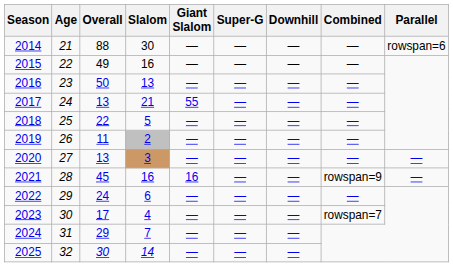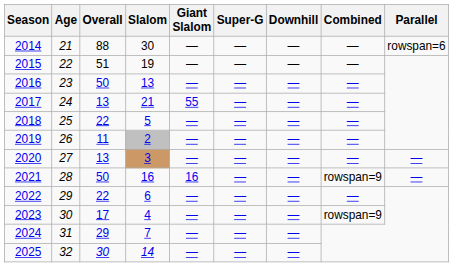 <table class=wikitable style="text-align:center">
 <tr>
 <th>Season</th>
 <th>Age</th>
 <th>Overall</th>
 <th>Slalom</th>
 <th>Giant<br>Slalom</th>
 <th>Super-G</th>
 <th>Downhill</th>
 <th>Combined</th>
 <th>Parallel</th>
 </tr>
 <tr>
 <td><a href='#'>2014</a></td>
 <td><em>21</em></td>
 <td>88</td>
 <td>30</td>
 <td>—</td>
 <td>—</td>
 <td>—</td>
 <td>—</td>
 <td>rowspan=6 </td>
 </tr>
 <tr>
 <td><a href='#'>2015</a></td>
 <td><em>22</em></td>
-<td>49</td>
-<td>16</td>
+<td>51</td>
+<td>19</td>
 <td>—</td>
 <td>—</td>
 <td>—</td>
 <td>—</td>
 </tr>
 <tr>
 <td><a href='#'>2016</a></td>
 <td><em>23</em></td>
 <td><a href='#'>50</a></td>
 <td><a href='#'>13</a></td>
 <td><a href='#'>—</a></td>
 <td><a href='#'>—</a></td>
 <td><a href='#'>—</a></td>
 <td><a href='#'>—</a></td>
 </tr>
 <tr>
 <td><a href='#'>2017</a></td>
 <td><em>24</em></td>
 <td><a href='#'>13</a></td>
 <td><a href='#'>21</a></td>
 <td><a href='#'>55</a></td>
 <td><a href='#'>—</a></td>
 <td><a href='#'>—</a></td>
 <td><a href='#'>—</a></td>
 </tr>
 <tr>
 <td><a href='#'>2018</a></td>
 <td><em>25</em></td>
 <td><a href='#'>22</a></td>
 <td><a href='#'>5</a></td>
 <td><a href='#'>—</a></td>
 <td><a href='#'>—</a></td>
 <td><a href='#'>—</a></td>
 <td><a href='#'>—</a></td>
 </tr>
 <tr>
 <td><a href='#'>2019</a></td>
 <td><em>26</em></td>
 <td><a href='#'>11</a></td>
 <td style="background:silver;"><a href='#'>2</a></td>
 <td><a href='#'>—</a></td>
 <td><a href='#'>—</a></td>
 <td><a href='#'>—</a></td>
 <td><a href='#'>—</a></td>
 </tr>
 <tr>
 <td><a href='#'>2020</a></td>
 <td><em>27</em></td>
 <td><a href='#'>13</a></td>
 <td style="background:#c96;"><a href='#'>3</a></td>
 <td><a href='#'>—</a></td>
 <td><a href='#'>—</a></td>
 <td><a href='#'>—</a></td>
 <td><a href='#'>—</a></td>
 <td><a href='#'>—</a></td>
 </tr>
 <tr>
 <td><a href='#'>2021</a></td>
 <td><em>28</em></td>
-<td><a href='#'>45</a></td>
+<td><a href='#'>50</a></td>
 <td><a href='#'>16</a></td>
 <td><a href='#'>16</a></td>
 <td><a href='#'>—</a></td>
 <td><a href='#'>—</a></td>
 <td>rowspan=9 </td>
 <td><a href='#'>—</a></td>
 </tr>
 <tr>
 <td><a href='#'>2022</a></td>
 <td><em>29</em></td>
-<td><a href='#'>24</a></td>
+<td><a href='#'>22</a></td>
 <td><a href='#'>6</a></td>
 <td><a href='#'>—</a></td>
 <td><a href='#'>—</a></td>
 <td><a href='#'>—</a></td>
 <td><a href='#'>—</a></td>
 </tr>
 <tr>
 <td><a href='#'>2023</a></td>
 <td><em>30</em></td>
 <td><a href='#'>17</a></td>
 <td><a href='#'>4</a></td>
 <td><a href='#'>—</a></td>
 <td><a href='#'>—</a></td>
 <td><a href='#'>—</a></td>
-<td>rowspan=7 </td>
+<td>rowspan=9 </td>
 </tr>
 <tr>
 <td><a href='#'>2024</a></td>
 <td><em>31</em></td>
 <td><a href='#'>29</a></td>
 <td><a href='#'>7</a></td>
 <td><a href='#'>—</a></td>
 <td><a href='#'>—</a></td>
 <td><a href='#'>—</a></td>
 </tr>
 <tr>
 <td><a href='#'>2025</a></td>
 <td><em>32</em></td>
 <td><a href='#'><em>30</em></a></td>
 <td><a href='#'><em>14</em></a></td>
 <td><a href='#'>—</a></td>
 <td><a href='#'>—</a></td>
 <td><a href='#'>—</a></td>
 </tr>
 </table>
